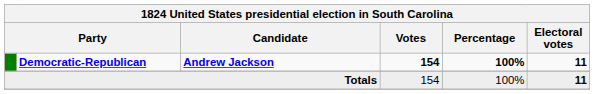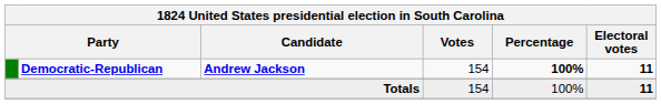 <table class="wikitable" style="font-size: 95%;">
 <tr>
 <th colspan="6">1824 United States presidential election in South Carolina</th>
 </tr>
 <tr>
 <th colspan="2" style="width: 15em">Party</th>
 <th style="width: 17em">Candidate</th>
 <th style="width: 5em">Votes</th>
 <th style="width: 7em">Percentage</th>
 <th style="width: 5em">Electoral votes</th>
 </tr>
 <tr>
 <th style="background-color:#008000; width: 3px"></th>
 <td style="width: 130px"><strong><a href='#'>Democratic-Republican</a></strong></td>
 <td><strong><a href='#'>Andrew Jackson</a></strong></td>
-<td align="right"><strong>154</strong></td>
+<td align="right">154</td>
 <td align="right"><strong>100%</strong></td>
 <td align="right"><strong>11</strong></td>
 </tr>
 <tr>
 </tr>
 <tr bgcolor="#EEEEEE">
 <td colspan="3" align="right"><strong>Totals</strong></td>
 <td align="right">154</td>
 <td align="right">100%</td>
 <td align="right"><strong>11</strong></td>
 </tr>
 <tr>
 </tr>
 </table>
